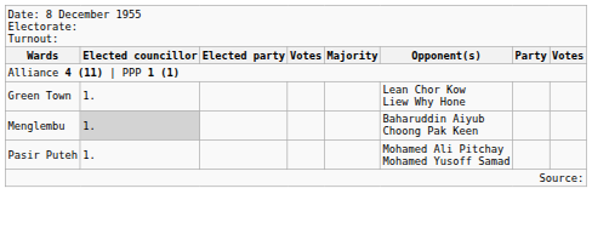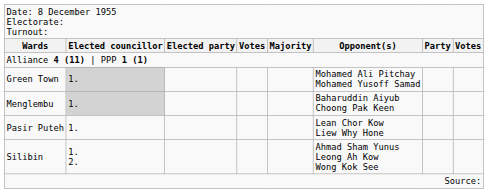 <table class=wikitable>
 <tr>
 <td colspan=8>Date: 8 December 1955<br>Electorate: <br>Turnout:</td>
 </tr>
 <tr>
 <th>Wards</th>
 <th>Elected councillor</th>
 <th>Elected party</th>
 <th>Votes</th>
 <th>Majority</th>
 <th>Opponent(s)</th>
 <th>Party</th>
 <th>Votes</th>
 </tr>
 <tr>
 <td colspan=8>Alliance <strong>4 (11)</strong> | PPP <strong>1 (1)</strong> </td>
 </tr>
 <tr>
 <td>Green Town</td>
-<td>1.</td>
+<td style="background: lightgrey;">1.</td>
 <td></td>
 <td></td>
 <td></td>
-<td>Lean Chor Kow<br>Liew Why Hone</td>
+<td>Mohamed Ali Pitchay<br>Mohamed Yusoff Samad</td>
 <td></td>
 <td></td>
 </tr>
 <tr>
 <td>Menglembu</td>
 <td style="background: lightgrey;">1.</td>
 <td></td>
 <td></td>
 <td></td>
 <td>Baharuddin Aiyub<br>Choong Pak Keen</td>
 <td></td>
 <td></td>
 </tr>
 <tr>
 <td>Pasir Puteh</td>
 <td>1.</td>
 <td></td>
 <td></td>
 <td></td>
-<td>Mohamed Ali Pitchay<br>Mohamed Yusoff Samad</td>
+<td>Lean Chor Kow<br>Liew Why Hone</td>
+<td></td>
+<td></td>
+</tr>
+<tr>
+<td>Silibin</td>
+<td>1.<br>2.</td>
+<td></td>
+<td></td>
+<td></td>
+<td>Ahmad Sham Yunus<br>Leong Ah Kow<br>Wong Kok See</td>
 <td></td>
 <td></td>
 </tr>
 <tr>
 <td colspan="8" style="text-align:right;">Source: <br> </td>
 </tr>
 </table>
